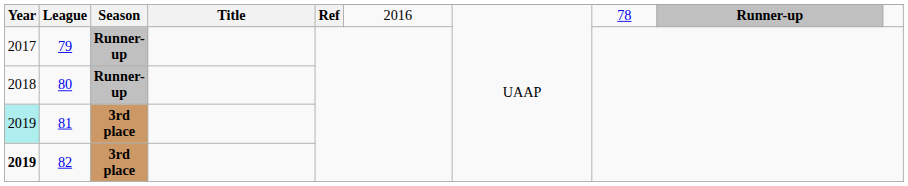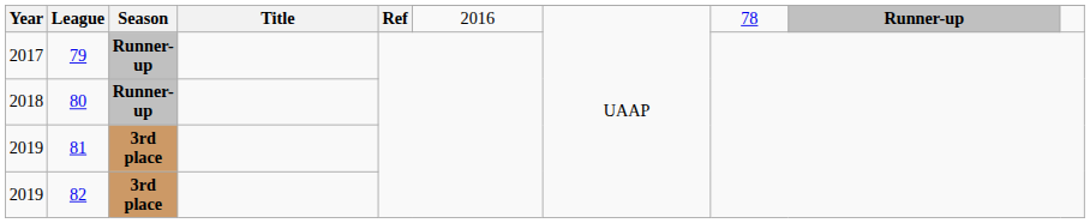 <table class="wikitable sortable" style="text-align:center" width="80%">
 <tr>
 <th style="width:5px;" rowspan="2">Year</th>
 <th style="width:50px;" rowspan="2">League</th>
 <th style="width:50px;" rowspan="2">Season</th>
 <th style="width:180px;" rowspan="2">Title</th>
 <th style="width:25px;" rowspan="2">Ref</th>
 </tr>
 <tr>
 <td rowspan="1">2016</td>
 <td rowspan=5>UAAP</td>
 <td><a href='#'>78</a></td>
 <td style="background:silver;"><strong>Runner-up</strong></td>
 <td></td>
 </tr>
 <tr>
 <td>2017</td>
 <td><a href='#'>79</a></td>
 <td style="background: silver"><strong>Runner-up</strong></td>
 <td></td>
 </tr>
 <tr>
 <td>2018</td>
 <td><a href='#'>80</a></td>
 <td style="background: silver"><strong>Runner-up</strong></td>
 <td></td>
 </tr>
 <tr>
-<td style="background: paleturquoise;">2019</td>
+<td>2019</td>
 <td><a href='#'>81</a></td>
 <td style="background:#CC9966;"><strong>3rd place</strong></td>
 <td></td>
 </tr>
 <tr>
-<td><strong>2019</strong></td>
+<td>2019</td>
 <td><a href='#'>82</a></td>
 <td style="background:#CC9966;"><strong>3rd place</strong></td>
 <td></td>
 </tr>
 </table>
